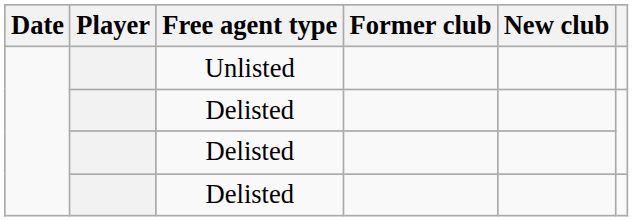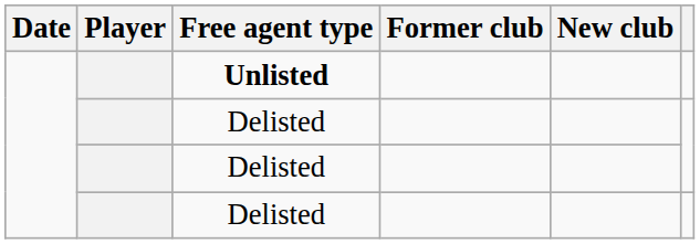 <table class="wikitable sortable plainrowheaders" style="text-align:center;">
 <tr>
 <th scope="col">Date</th>
 <th scope="col">Player</th>
 <th scope="col">Free agent type</th>
 <th scope="col">Former club</th>
 <th scope="col">New club</th>
 <th class="unsortable"></th>
 </tr>
 <tr>
 <td rowspan=4></td>
 <th scope="row"></th>
-<td>Unlisted</td>
+<td><strong>Unlisted</strong></td>
 <td></td>
 <td></td>
 <td></td>
 </tr>
 <tr>
 <th scope="row"></th>
 <td>Delisted</td>
 <td></td>
 <td></td>
 <td rowspan=2></td>
 </tr>
 <tr>
 <th scope="row"></th>
 <td>Delisted</td>
 <td></td>
 <td></td>
 </tr>
 <tr>
 <th scope="row"></th>
 <td>Delisted</td>
 <td></td>
 <td></td>
 <td></td>
 </tr>
 </table>
